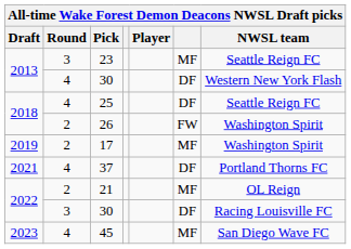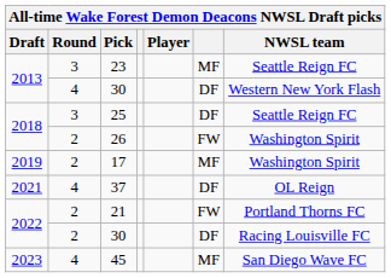 <table class="wikitable sortable" style="text-align: center;">
 <tr>
 <th colspan="7" style="background:#">All-time <a href='#'><span>Wake Forest Demon Deacons</span></a> NWSL Draft picks</th>
 </tr>
 <tr>
 <th scope="col">Draft</th>
 <th scope="col">Round</th>
 <th scope="col">Pick</th>
 <th scope="col"></th>
 <th scope="col">Player</th>
 <th scope="col"></th>
 <th scope="col">NWSL team</th>
 </tr>
 <tr>
 <td rowspan="2"><a href='#'>2013</a></td>
 <td>3</td>
 <td>23</td>
 <td></td>
 <td></td>
 <td>MF</td>
 <td><a href='#'>Seattle Reign FC</a></td>
 </tr>
 <tr>
 <td>4</td>
 <td>30</td>
 <td></td>
 <td></td>
 <td>DF</td>
 <td><a href='#'>Western New York Flash</a></td>
 </tr>
 <tr>
 <td rowspan="2"><a href='#'>2018</a></td>
-<td>4</td>
+<td>3</td>
 <td>25</td>
 <td></td>
 <td></td>
 <td>DF</td>
 <td><a href='#'>Seattle Reign FC</a></td>
 </tr>
 <tr>
 <td>2</td>
 <td>26</td>
 <td></td>
 <td></td>
 <td>FW</td>
 <td><a href='#'>Washington Spirit</a></td>
 </tr>
 <tr>
 <td><a href='#'>2019</a></td>
 <td>2</td>
 <td>17</td>
 <td></td>
 <td></td>
 <td>MF</td>
 <td><a href='#'>Washington Spirit</a></td>
 </tr>
 <tr>
 <td><a href='#'>2021</a></td>
 <td>4</td>
 <td>37</td>
 <td></td>
 <td></td>
 <td>DF</td>
-<td><a href='#'>Portland Thorns FC</a></td>
+<td><a href='#'>OL Reign</a></td>
 </tr>
 <tr>
 <td rowspan="2"><a href='#'>2022</a></td>
 <td>2</td>
 <td>21</td>
 <td></td>
 <td></td>
-<td>MF</td>
-<td><a href='#'>OL Reign</a></td>
+<td>FW</td>
+<td><a href='#'>Portland Thorns FC</a></td>
 </tr>
 <tr>
-<td>3</td>
+<td>2</td>
 <td>30</td>
 <td></td>
 <td></td>
 <td>DF</td>
 <td><a href='#'>Racing Louisville FC</a></td>
 </tr>
 <tr>
 <td><a href='#'>2023</a></td>
 <td>4</td>
 <td>45</td>
 <td></td>
 <td></td>
 <td>MF</td>
 <td><a href='#'>San Diego Wave FC</a></td>
 </tr>
 </table>
